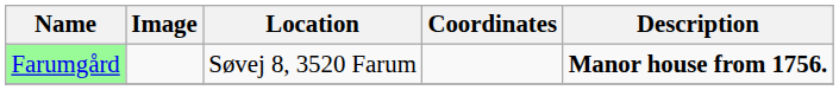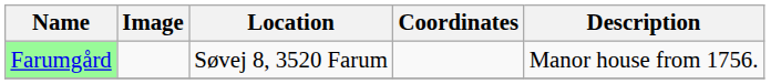 <table class="wikitable sortable">
 <tr>
 <th>Name</th>
 <th>Image</th>
 <th>Location</th>
 <th>Coordinates</th>
 <th>Description</th>
 </tr>
 <tr>
 <td bgcolor=98fb98><a href='#'>Farumgård</a></td>
 <td></td>
 <td>Søvej 8, 3520 Farum</td>
 <td></td>
-<td><strong>Manor house from 1756.</strong></td>
+<td>Manor house from 1756.</td>
 </tr>
 <tr>
 </tr>
 </table>
